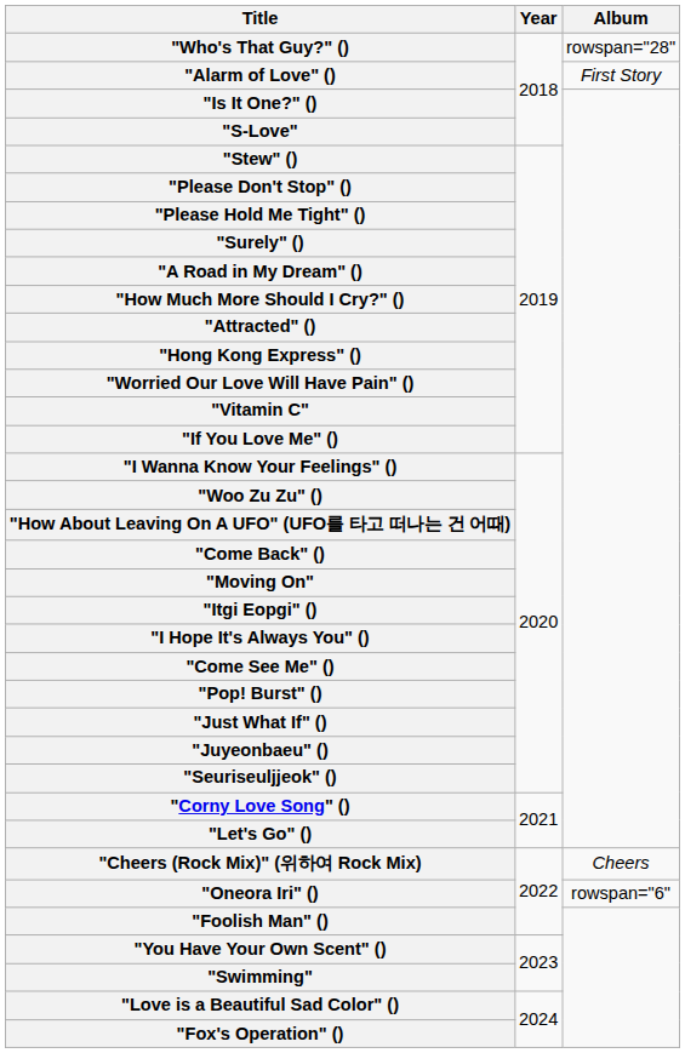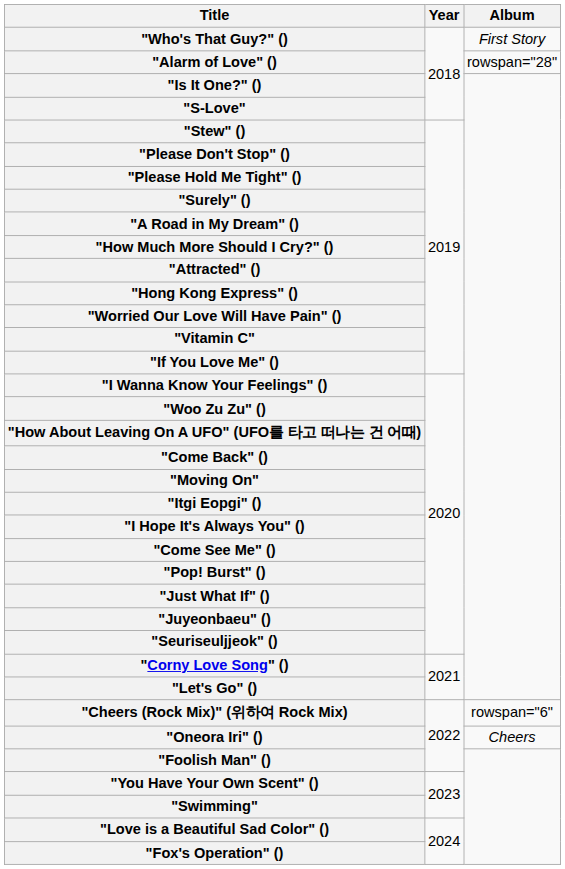 <table class="wikitable plainrowheaders" style="text-align:center;">
 <tr>
 <th scope="col">Title</th>
 <th scope="col">Year</th>
 <th scope="col">Album</th>
 </tr>
 <tr>
 <th scope="row">"Who's That Guy?" ()</th>
 <td rowspan="4">2018</td>
-<td>rowspan="28" </td>
+<td><em>First Story</em></td>
 </tr>
 <tr>
 <th scope="row">"Alarm of Love" ()</th>
-<td><em>First Story</em></td>
+<td>rowspan="28" </td>
 </tr>
 <tr>
 <th scope="row">"Is It One?" ()</th>
 </tr>
 <tr>
 <th scope="row">"S-Love"</th>
 </tr>
 <tr>
 <th scope="row">"Stew" ()</th>
 <td rowspan="11">2019</td>
 </tr>
 <tr>
 <th scope="row">"Please Don't Stop" ()</th>
 </tr>
 <tr>
 <th scope="row">"Please Hold Me Tight" ()</th>
 </tr>
 <tr>
 <th scope="row">"Surely" ()</th>
 </tr>
 <tr>
 <th scope="row">"A Road in My Dream" ()</th>
 </tr>
 <tr>
 <th scope="row">"How Much More Should I Cry?" ()</th>
 </tr>
 <tr>
 <th scope="row">"Attracted" ()</th>
 </tr>
 <tr>
 <th scope="row">"Hong Kong Express" ()</th>
 </tr>
 <tr>
 <th scope="row">"Worried Our Love Will Have Pain" ()</th>
 </tr>
 <tr>
 <th scope="row">"Vitamin C"</th>
 </tr>
 <tr>
 <th scope="row">"If You Love Me" ()</th>
 </tr>
 <tr>
 <th scope="row">"I Wanna Know Your Feelings" ()</th>
 <td rowspan="12">2020</td>
 </tr>
 <tr>
 <th scope="row">"Woo Zu Zu" ()</th>
 </tr>
 <tr>
 <th scope="row">"How About Leaving On A UFO" (UFO를 타고 떠나는 건 어때)</th>
 </tr>
 <tr>
 <th scope="row">"Come Back" ()</th>
 </tr>
 <tr>
 <th scope="row">"Moving On"</th>
 </tr>
 <tr>
 <th scope="row">"Itgi Eopgi" ()</th>
 </tr>
 <tr>
 <th scope="row">"I Hope It's Always You" ()</th>
 </tr>
 <tr>
 <th scope="row">"Come See Me" ()</th>
 </tr>
 <tr>
 <th scope="row">"Pop! Burst" ()</th>
 </tr>
 <tr>
 <th scope="row">"Just What If" ()</th>
 </tr>
 <tr>
 <th scope="row">"Juyeonbaeu" ()</th>
 </tr>
 <tr>
 <th scope="row">"Seuriseuljjeok" ()</th>
 </tr>
 <tr>
 <th scope="row">"<a href='#'>Corny Love Song</a>" () </th>
 <td rowspan="2">2021</td>
 </tr>
 <tr>
 <th scope="row">"Let's Go" ()</th>
 </tr>
 <tr>
 <th scope="row">"Cheers (Rock Mix)" (위하여 Rock Mix)</th>
 <td rowspan="3">2022</td>
-<td><em>Cheers</em></td>
+<td>rowspan="6" </td>
 </tr>
 <tr>
 <th scope="row">"Oneora Iri" ()</th>
-<td>rowspan="6" </td>
+<td><em>Cheers</em></td>
 </tr>
 <tr>
 <th scope="row">"Foolish Man" ()</th>
 </tr>
 <tr>
 <th scope="row">"You Have Your Own Scent" () </th>
 <td rowspan="2">2023</td>
 </tr>
 <tr>
 <th scope="row">"Swimming"</th>
 </tr>
 <tr>
 <th scope="row">"Love is a Beautiful Sad Color" ()</th>
 <td rowspan="2">2024</td>
 </tr>
 <tr>
 <th scope="row">"Fox's Operation" ()</th>
 </tr>
 </table>
